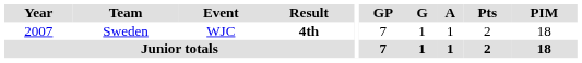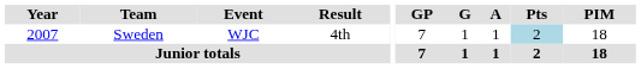 <table border="0" cellpadding="1" cellspacing="0" ID="Table3" style="text-align:center; width:40em">
 <tr ALIGN="center" bgcolor="#e0e0e0">
 <th>Year</th>
 <th>Team</th>
 <th>Event</th>
 <th>Result</th>
 <th rowspan="99" bgcolor="#ffffff"></th>
 <th>GP</th>
 <th>G</th>
 <th>A</th>
 <th>Pts</th>
 <th>PIM</th>
 </tr>
 <tr>
 <td><a href='#'>2007</a></td>
 <td><a href='#'>Sweden</a></td>
 <td><a href='#'>WJC</a></td>
-<td><strong>4th</strong></td>
+<td>4th</td>
 <td>7</td>
 <td>1</td>
 <td>1</td>
-<td>2</td>
+<td style="background: lightblue;">2</td>
 <td>18</td>
 </tr>
 <tr bgcolor="#e0e0e0">
 <th colspan=4>Junior totals</th>
 <th>7</th>
 <th>1</th>
 <th>1</th>
 <th>2</th>
 <th>18</th>
 </tr>
 </table>
